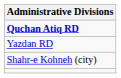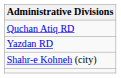 <table class="wikitable">
 <tr>
 <th>Administrative Divisions</th>
 </tr>
 <tr>
-<td><strong><a href='#'>Quchan Atiq RD</a></strong></td>
+<td><a href='#'>Quchan Atiq RD</a></td>
 </tr>
 <tr>
 <td><a href='#'>Yazdan RD</a></td>
 </tr>
 <tr>
 <td><a href='#'>Shahr-e Kohneh</a> (city)</td>
 </tr>
 <tr>
 <td colspan=1></td>
 </tr>
 </table>
